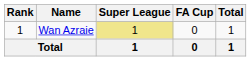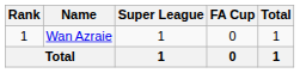 <table class="wikitable" style="text-align: center;">
 <tr>
 <th>Rank</th>
 <th>Name</th>
 <th>Super League</th>
 <th>FA Cup</th>
 <th>Total</th>
 </tr>
 <tr>
 <td>1</td>
 <td align=left> <a href='#'>Wan Azraie</a></td>
-<td style="background: khaki;">1</td>
+<td>1</td>
 <td>0</td>
 <td>1</td>
 </tr>
 <tr>
 <th colspan=2>Total</th>
 <th>1</th>
 <th>0</th>
 <th>1</th>
 </tr>
 </table>
